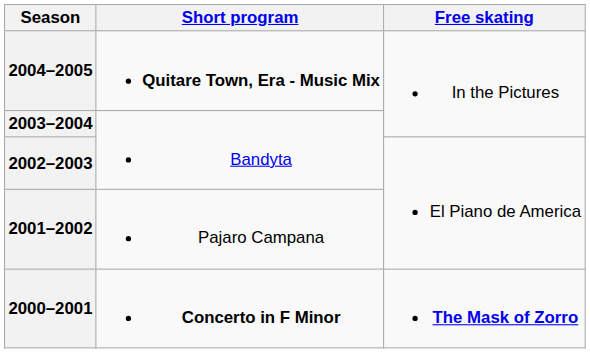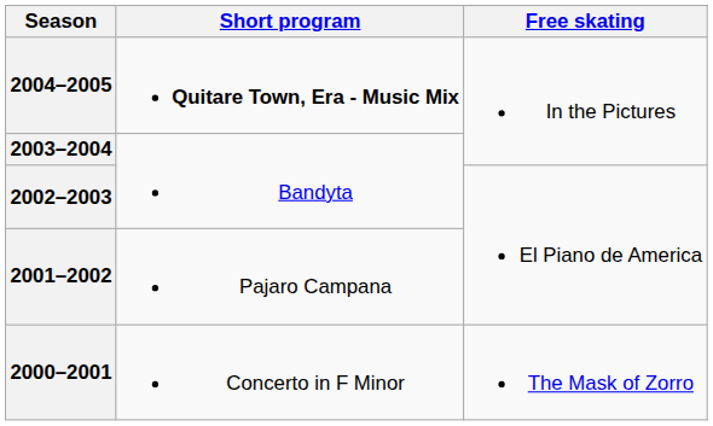 <table class="wikitable" style="text-align:center">
 <tr>
 <th>Season</th>
 <th><a href='#'>Short program</a></th>
 <th><a href='#'>Free skating</a></th>
 </tr>
 <tr>
 <th>2004–2005<br></th>
 <td><strong><br><ul><li>Quitare Town, Era - Music Mix <br></li></ul></strong></td>
 <td rowspan=2><br><ul><li>In the Pictures <br></li></ul></td>
 </tr>
 <tr>
 <th>2003–2004<br></th>
 <td rowspan=2><br><ul><li><a href='#'>Bandyta</a> <br></li></ul></td>
 </tr>
 <tr>
 <th>2002–2003<br></th>
 <td rowspan=2><br><ul><li>El Piano de America <br></li></ul></td>
 </tr>
 <tr>
 <th>2001–2002<br></th>
 <td><br><ul><li>Pajaro Campana <br></li></ul></td>
 </tr>
 <tr>
 <th>2000–2001<br></th>
-<td><strong><br><ul><li>Concerto in F Minor <br></li></ul></strong></td>
-<td><strong><br><ul><li><a href='#'>The Mask of Zorro</a> <br></li></ul></strong></td>
+<td><br><ul><li>Concerto in F Minor <br></li></ul></td>
+<td><br><ul><li><a href='#'>The Mask of Zorro</a> <br></li></ul></td>
 </tr>
 </table>
